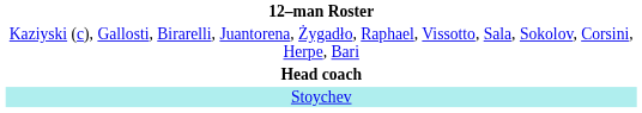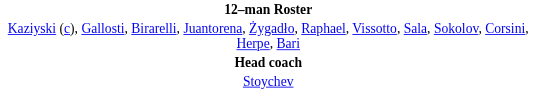 <table style="text-align:center; margin-top:2em; margin-left:auto; margin-right:auto">
 <tr>
 <td><strong>12–man Roster</strong></td>
 </tr>
 <tr>
 <td><a href='#'>Kaziyski</a> (<a href='#'>c</a>), <a href='#'>Gallosti</a>, <a href='#'>Birarelli</a>, <a href='#'>Juantorena</a>, <a href='#'>Żygadło</a>, <a href='#'>Raphael</a>, <a href='#'>Vissotto</a>, <a href='#'>Sala</a>, <a href='#'>Sokolov</a>, <a href='#'>Corsini</a>, <a href='#'>Herpe</a>, <a href='#'>Bari</a></td>
 </tr>
 <tr>
 <td><strong>Head coach</strong></td>
 </tr>
 <tr>
-<td style="background: paleturquoise;"><a href='#'>Stoychev</a></td>
+<td><a href='#'>Stoychev</a></td>
 </tr>
 </table>
